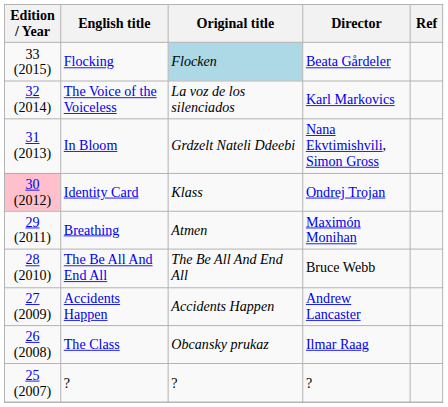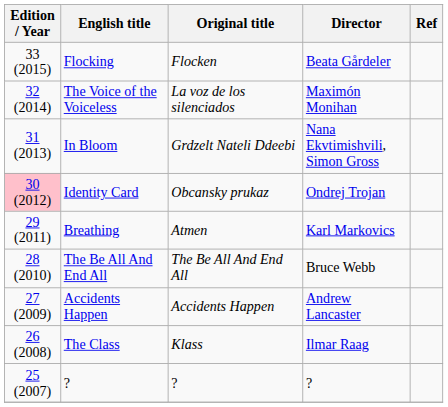 <table class="sortable wikitable" width="80%" cellpadding="5">
 <tr>
 <th width="5%">Edition / Year</th>
 <th width="20%">English title</th>
 <th width="25%">Original title</th>
 <th width="20%">Director</th>
 <th width="5%" class="unsortable">Ref</th>
 </tr>
 <tr>
 <td style="text-align:center;">33 (2015)</td>
 <td><a href='#'>Flocking</a></td>
-<td style="background: lightblue;"><em>Flocken</em></td>
+<td><em>Flocken</em></td>
 <td><a href='#'>Beata Gårdeler</a></td>
 <td></td>
 </tr>
 <tr>
 <td style="text-align:center;"><a href='#'>32</a> (2014)</td>
 <td><a href='#'>The Voice of the Voiceless</a></td>
 <td><em>La voz de los silenciados</em></td>
-<td><a href='#'>Karl Markovics</a></td>
+<td><a href='#'>Maximón Monihan</a></td>
 <td></td>
 </tr>
 <tr>
 <td style="text-align:center;"><a href='#'>31</a> (2013)</td>
 <td><a href='#'>In Bloom</a></td>
 <td><em>Grdzelt Nateli Ddeebi</em></td>
 <td><a href='#'>Nana Ekvtimishvili</a>, <a href='#'>Simon Gross</a></td>
 <td></td>
 </tr>
 <tr>
 <td style="background: pink; text-align:center;"><a href='#'>30</a> (2012)</td>
 <td><a href='#'>Identity Card</a></td>
-<td><em>Klass</em></td>
+<td><em>Obcansky prukaz</em></td>
 <td><a href='#'>Ondrej Trojan</a></td>
 <td></td>
 </tr>
 <tr>
 <td style="text-align:center;"><a href='#'>29</a> (2011)</td>
 <td><a href='#'>Breathing</a></td>
 <td><em>Atmen</em></td>
-<td><a href='#'>Maximón Monihan</a></td>
+<td><a href='#'>Karl Markovics</a></td>
 <td></td>
 </tr>
 <tr>
 <td style="text-align:center;"><a href='#'>28</a> (2010)</td>
 <td><a href='#'>The Be All And End All</a></td>
 <td><em>The Be All And End All</em></td>
 <td>Bruce Webb</td>
 <td></td>
 </tr>
 <tr>
 <td style="text-align:center;"><a href='#'>27</a> (2009)</td>
 <td><a href='#'>Accidents Happen</a></td>
 <td><em>Accidents Happen</em></td>
 <td><a href='#'>Andrew Lancaster</a></td>
 <td></td>
 </tr>
 <tr>
 <td style="text-align:center;"><a href='#'>26</a> (2008)</td>
 <td><a href='#'>The Class</a></td>
-<td><em>Obcansky prukaz</em></td>
+<td><em>Klass</em></td>
 <td><a href='#'>Ilmar Raag</a></td>
 <td></td>
 </tr>
 <tr>
 <td style="text-align:center;"><a href='#'>25</a> (2007)</td>
 <td>?</td>
 <td>?</td>
 <td>?</td>
 <td></td>
 </tr>
 <tr>
 </tr>
 </table>
